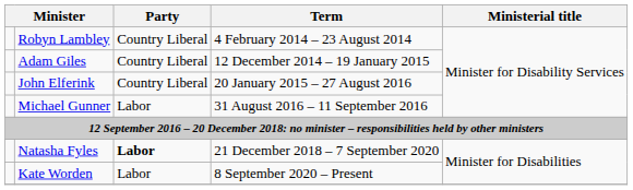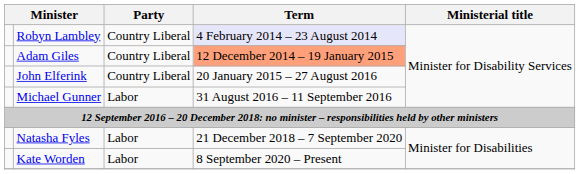 <table class="sortable wikitable">
 <tr>
 <th colspan=2>Minister</th>
 <th>Party</th>
 <th>Term </th>
 <th>Ministerial title</th>
 </tr>
 <tr>
 <td> </td>
 <td><a href='#'>Robyn Lambley</a></td>
 <td>Country Liberal</td>
-<td>4 February 2014 – 23 August 2014</td>
+<td style="background: lavender;">4 February 2014 – 23 August 2014</td>
 <td rowspan="4">Minister for Disability Services</td>
 </tr>
 <tr>
 <td> </td>
 <td><a href='#'>Adam Giles</a></td>
 <td>Country Liberal</td>
-<td>12 December 2014 – 19 January 2015</td>
+<td style="background: lightsalmon;">12 December 2014 – 19 January 2015</td>
 </tr>
 <tr>
 <td> </td>
 <td><a href='#'>John Elferink</a></td>
 <td>Country Liberal</td>
 <td>20 January 2015 – 27 August 2016</td>
 </tr>
 <tr>
 <td> </td>
 <td><a href='#'>Michael Gunner</a></td>
 <td>Labor</td>
 <td>31 August 2016 – 11 September 2016</td>
 </tr>
 <tr>
 <th colspan=5 style="background: #cccccc;"><small><strong><em>12 September 2016 – 20 December 2018: no minister – responsibilities held by other ministers</em></strong></small></th>
 </tr>
 <tr>
 <td> </td>
 <td><a href='#'>Natasha Fyles</a></td>
-<td><strong>Labor</strong></td>
+<td>Labor</td>
 <td>21 December 2018 – 7 September 2020</td>
 <td rowspan="2">Minister for Disabilities</td>
 </tr>
 <tr>
 <td> </td>
 <td><a href='#'>Kate Worden</a></td>
 <td>Labor</td>
 <td>8 September 2020 – Present</td>
 </tr>
 <tr>
 </tr>
 </table>
